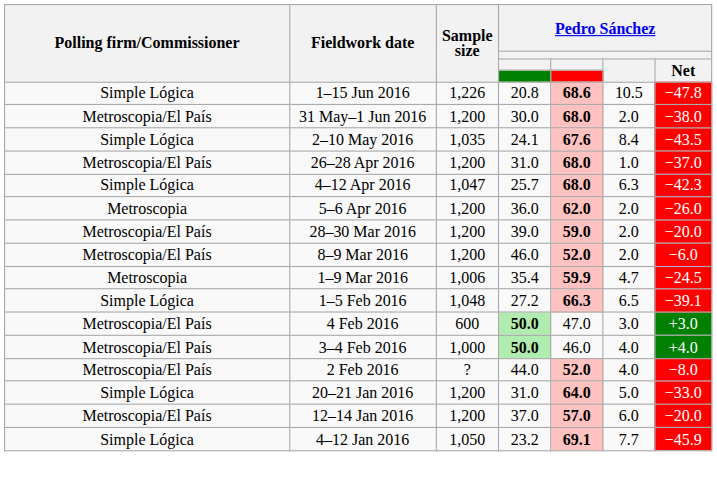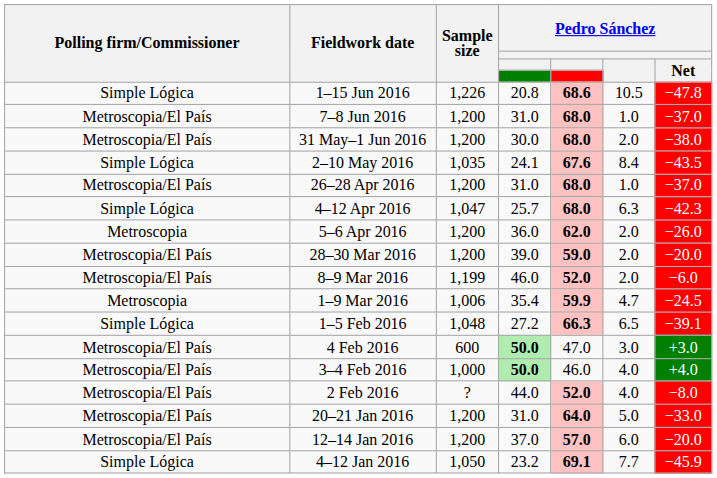 <table class="wikitable collapsible collapsed" style="text-align:center; font-size:90%; line-height:14px;">
 <tr style="height:42px;">
 <th style="width:250px;" rowspan="4">Polling firm/Commissioner</th>
 <th style="width:125px;" rowspan="4">Fieldwork date</th>
 <th style="width:50px;" rowspan="4">Sample size</th>
 <th style="width:185px;" colspan="4"><a href='#'>Pedro Sánchez</a><br></th>
 </tr>
 <tr>
 <th colspan="4" style="background:"></th>
 </tr>
 <tr>
 <th style="width:30px;"></th>
 <th style="width:30px;"></th>
 <th style="width:30px;" rowspan="2"></th>
 <th style="width:30px;" rowspan="2">Net</th>
 </tr>
 <tr>
 <th style="color:inherit;background:#008000;"></th>
 <th style="color:inherit;background:#FF0000;"></th>
 </tr>
 <tr>
 <td>Simple Lógica</td>
 <td>1–15 Jun 2016</td>
 <td>1,226</td>
 <td>20.8</td>
 <td style="background:#FFC2C1;"><strong>68.6</strong></td>
 <td>10.5</td>
 <td style="background:#FF0000; color:white;">−47.8</td>
+</tr>
+<tr>
+<td>Metroscopia/El País</td>
+<td>7–8 Jun 2016</td>
+<td>1,200</td>
+<td>31.0</td>
+<td style="background:#FFC2C1;"><strong>68.0</strong></td>
+<td>1.0</td>
+<td style="background:#FF0000; color:white;">−37.0</td>
 </tr>
 <tr>
 <td>Metroscopia/El País</td>
 <td>31 May–1 Jun 2016</td>
 <td>1,200</td>
 <td>30.0</td>
 <td style="background:#FFC2C1;"><strong>68.0</strong></td>
 <td>2.0</td>
 <td style="background:#FF0000; color:white;">−38.0</td>
 </tr>
 <tr>
 <td>Simple Lógica</td>
 <td>2–10 May 2016</td>
 <td>1,035</td>
 <td>24.1</td>
 <td style="background:#FFC2C1;"><strong>67.6</strong></td>
 <td>8.4</td>
 <td style="background:#FF0000; color:white;">−43.5</td>
 </tr>
 <tr>
 <td>Metroscopia/El País</td>
 <td>26–28 Apr 2016</td>
 <td>1,200</td>
 <td>31.0</td>
 <td style="background:#FFC2C1;"><strong>68.0</strong></td>
 <td>1.0</td>
 <td style="background:#FF0000; color:white;">−37.0</td>
 </tr>
 <tr>
 <td>Simple Lógica</td>
 <td>4–12 Apr 2016</td>
 <td>1,047</td>
 <td>25.7</td>
 <td style="background:#FFC2C1;"><strong>68.0</strong></td>
 <td>6.3</td>
 <td style="background:#FF0000; color:white;">−42.3</td>
 </tr>
 <tr>
 <td>Metroscopia</td>
 <td>5–6 Apr 2016</td>
 <td>1,200</td>
 <td>36.0</td>
 <td style="background:#FFC2C1;"><strong>62.0</strong></td>
 <td>2.0</td>
 <td style="background:#FF0000; color:white;">−26.0</td>
 </tr>
 <tr>
 <td>Metroscopia/El País</td>
 <td>28–30 Mar 2016</td>
 <td>1,200</td>
 <td>39.0</td>
 <td style="background:#FFC2C1;"><strong>59.0</strong></td>
 <td>2.0</td>
 <td style="background:#FF0000; color:white;">−20.0</td>
 </tr>
 <tr>
 <td>Metroscopia/El País</td>
 <td>8–9 Mar 2016</td>
-<td>1,200</td>
+<td>1,199</td>
 <td>46.0</td>
 <td style="background:#FFC2C1;"><strong>52.0</strong></td>
 <td>2.0</td>
 <td style="background:#FF0000; color:white;">−6.0</td>
 </tr>
 <tr>
 <td>Metroscopia</td>
 <td>1–9 Mar 2016</td>
 <td>1,006</td>
 <td>35.4</td>
 <td style="background:#FFC2C1;"><strong>59.9</strong></td>
 <td>4.7</td>
 <td style="background:#FF0000; color:white;">−24.5</td>
 </tr>
 <tr>
 <td>Simple Lógica</td>
 <td>1–5 Feb 2016</td>
 <td>1,048</td>
 <td>27.2</td>
 <td style="background:#FFC2C1;"><strong>66.3</strong></td>
 <td>6.5</td>
 <td style="background:#FF0000; color:white;">−39.1</td>
 </tr>
 <tr>
 <td>Metroscopia/El País</td>
 <td>4 Feb 2016</td>
 <td>600</td>
 <td style="background:#B0ECB0;"><strong>50.0</strong></td>
 <td>47.0</td>
 <td>3.0</td>
 <td style="background:#008000; color:white;">+3.0</td>
 </tr>
 <tr>
 <td>Metroscopia/El País</td>
 <td>3–4 Feb 2016</td>
 <td>1,000</td>
 <td style="background:#B0ECB0;"><strong>50.0</strong></td>
 <td>46.0</td>
 <td>4.0</td>
 <td style="background:#008000; color:white;">+4.0</td>
 </tr>
 <tr>
 <td>Metroscopia/El País</td>
 <td>2 Feb 2016</td>
 <td>?</td>
 <td>44.0</td>
 <td style="background:#FFC2C1;"><strong>52.0</strong></td>
 <td>4.0</td>
 <td style="background:#FF0000; color:white;">−8.0</td>
 </tr>
 <tr>
-<td>Simple Lógica</td>
+<td>Metroscopia/El País</td>
 <td>20–21 Jan 2016</td>
 <td>1,200</td>
 <td>31.0</td>
 <td style="background:#FFC2C1;"><strong>64.0</strong></td>
 <td>5.0</td>
 <td style="background:#FF0000; color:white;">−33.0</td>
 </tr>
 <tr>
 <td>Metroscopia/El País</td>
 <td>12–14 Jan 2016</td>
 <td>1,200</td>
 <td>37.0</td>
 <td style="background:#FFC2C1;"><strong>57.0</strong></td>
 <td>6.0</td>
 <td style="background:#FF0000; color:white;">−20.0</td>
 </tr>
 <tr>
 <td>Simple Lógica</td>
 <td>4–12 Jan 2016</td>
 <td>1,050</td>
 <td>23.2</td>
 <td style="background:#FFC2C1;"><strong>69.1</strong></td>
 <td>7.7</td>
 <td style="background:#FF0000; color:white;">−45.9</td>
 </tr>
 </table>
